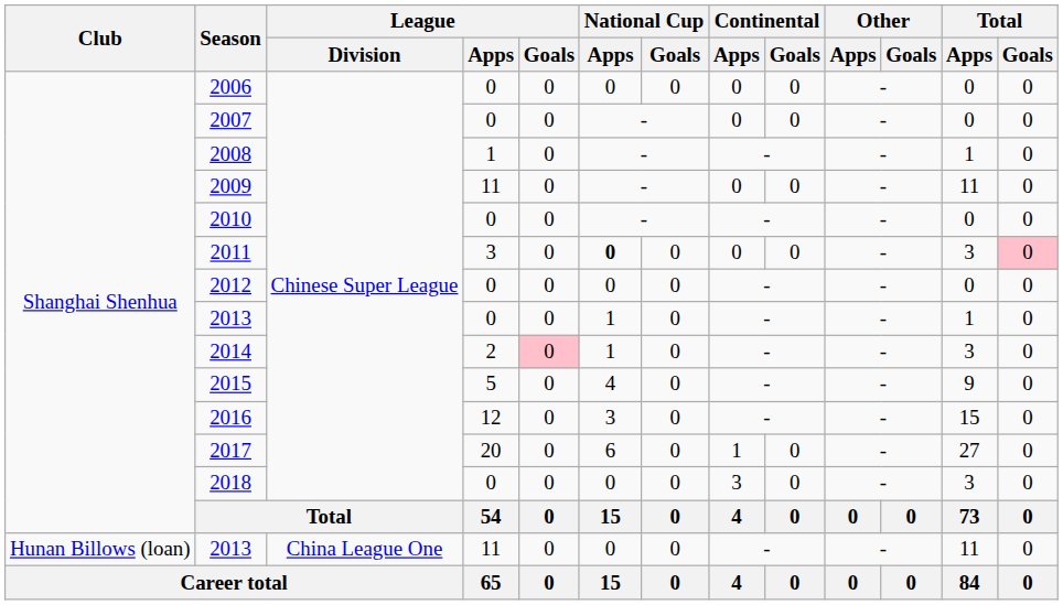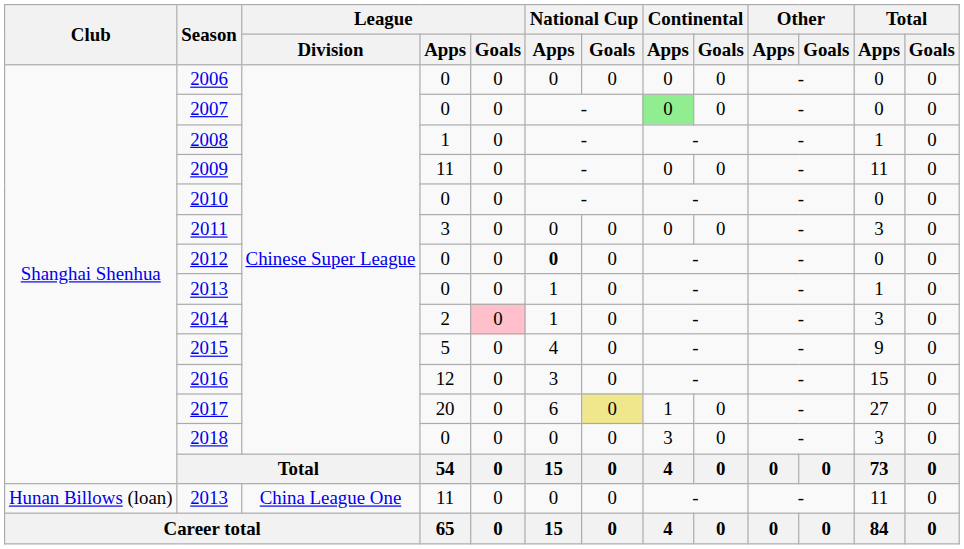 <table class="wikitable" style="text-align: center">
 <tr>
 <th rowspan="2">Club</th>
 <th rowspan="2">Season</th>
 <th colspan="3">League</th>
 <th colspan="2">National Cup</th>
 <th colspan="2">Continental</th>
 <th colspan="2">Other</th>
 <th colspan="2">Total</th>
 </tr>
 <tr>
 <th>Division</th>
 <th>Apps</th>
 <th>Goals</th>
 <th>Apps</th>
 <th>Goals</th>
 <th>Apps</th>
 <th>Goals</th>
 <th>Apps</th>
 <th>Goals</th>
 <th>Apps</th>
 <th>Goals</th>
 </tr>
 <tr>
 <td rowspan=14><a href='#'>Shanghai Shenhua</a></td>
 <td><a href='#'>2006</a></td>
 <td rowspan=13><a href='#'>Chinese Super League</a></td>
 <td>0</td>
 <td>0</td>
 <td>0</td>
 <td>0</td>
 <td>0</td>
 <td>0</td>
 <td colspan="2">-</td>
 <td>0</td>
 <td>0</td>
 </tr>
 <tr>
 <td><a href='#'>2007</a></td>
 <td>0</td>
 <td>0</td>
 <td colspan="2">-</td>
-<td>0</td>
+<td style="background: lightgreen;">0</td>
 <td>0</td>
 <td colspan="2">-</td>
 <td>0</td>
 <td>0</td>
 </tr>
 <tr>
 <td><a href='#'>2008</a></td>
 <td>1</td>
 <td>0</td>
 <td colspan="2">-</td>
 <td colspan="2">-</td>
 <td colspan="2">-</td>
 <td>1</td>
 <td>0</td>
 </tr>
 <tr>
 <td><a href='#'>2009</a></td>
 <td>11</td>
 <td>0</td>
 <td colspan="2">-</td>
 <td>0</td>
 <td>0</td>
 <td colspan="2">-</td>
 <td>11</td>
 <td>0</td>
 </tr>
 <tr>
 <td><a href='#'>2010</a></td>
 <td>0</td>
 <td>0</td>
 <td colspan="2">-</td>
 <td colspan="2">-</td>
 <td colspan="2">-</td>
 <td>0</td>
 <td>0</td>
 </tr>
 <tr>
 <td><a href='#'>2011</a></td>
 <td>3</td>
 <td>0</td>
-<td><strong>0</strong></td>
+<td>0</td>
 <td>0</td>
 <td>0</td>
 <td>0</td>
 <td colspan="2">-</td>
 <td>3</td>
-<td style="background: pink;">0</td>
+<td>0</td>
 </tr>
 <tr>
 <td><a href='#'>2012</a></td>
 <td>0</td>
 <td>0</td>
-<td>0</td>
+<td><strong>0</strong></td>
 <td>0</td>
 <td colspan="2">-</td>
 <td colspan="2">-</td>
 <td>0</td>
 <td>0</td>
 </tr>
 <tr>
 <td><a href='#'>2013</a></td>
 <td>0</td>
 <td>0</td>
 <td>1</td>
 <td>0</td>
 <td colspan="2">-</td>
 <td colspan="2">-</td>
 <td>1</td>
 <td>0</td>
 </tr>
 <tr>
 <td><a href='#'>2014</a></td>
 <td>2</td>
 <td style="background: pink;">0</td>
 <td>1</td>
 <td>0</td>
 <td colspan="2">-</td>
 <td colspan="2">-</td>
 <td>3</td>
 <td>0</td>
 </tr>
 <tr>
 <td><a href='#'>2015</a></td>
 <td>5</td>
 <td>0</td>
 <td>4</td>
 <td>0</td>
 <td colspan="2">-</td>
 <td colspan="2">-</td>
 <td>9</td>
 <td>0</td>
 </tr>
 <tr>
 <td><a href='#'>2016</a></td>
 <td>12</td>
 <td>0</td>
 <td>3</td>
 <td>0</td>
 <td colspan="2">-</td>
 <td colspan="2">-</td>
 <td>15</td>
 <td>0</td>
 </tr>
 <tr>
 <td><a href='#'>2017</a></td>
 <td>20</td>
 <td>0</td>
 <td>6</td>
-<td>0</td>
+<td style="background: khaki;">0</td>
 <td>1</td>
 <td>0</td>
 <td colspan="2">-</td>
 <td>27</td>
 <td>0</td>
 </tr>
 <tr>
 <td><a href='#'>2018</a></td>
 <td>0</td>
 <td>0</td>
 <td>0</td>
 <td>0</td>
 <td>3</td>
 <td>0</td>
 <td colspan="2">-</td>
 <td>3</td>
 <td>0</td>
 </tr>
 <tr>
 <th colspan="2">Total</th>
 <th>54</th>
 <th>0</th>
 <th>15</th>
 <th>0</th>
 <th>4</th>
 <th>0</th>
 <th>0</th>
 <th>0</th>
 <th>73</th>
 <th>0</th>
 </tr>
 <tr>
 <td><a href='#'>Hunan Billows</a> (loan)</td>
 <td><a href='#'>2013</a></td>
 <td><a href='#'>China League One</a></td>
 <td>11</td>
 <td>0</td>
 <td>0</td>
 <td>0</td>
 <td colspan="2">-</td>
 <td colspan="2">-</td>
 <td>11</td>
 <td>0</td>
 </tr>
 <tr>
 <th colspan=3>Career total</th>
 <th>65</th>
 <th>0</th>
 <th>15</th>
 <th>0</th>
 <th>4</th>
 <th>0</th>
 <th>0</th>
 <th>0</th>
 <th>84</th>
 <th>0</th>
 </tr>
 </table>
